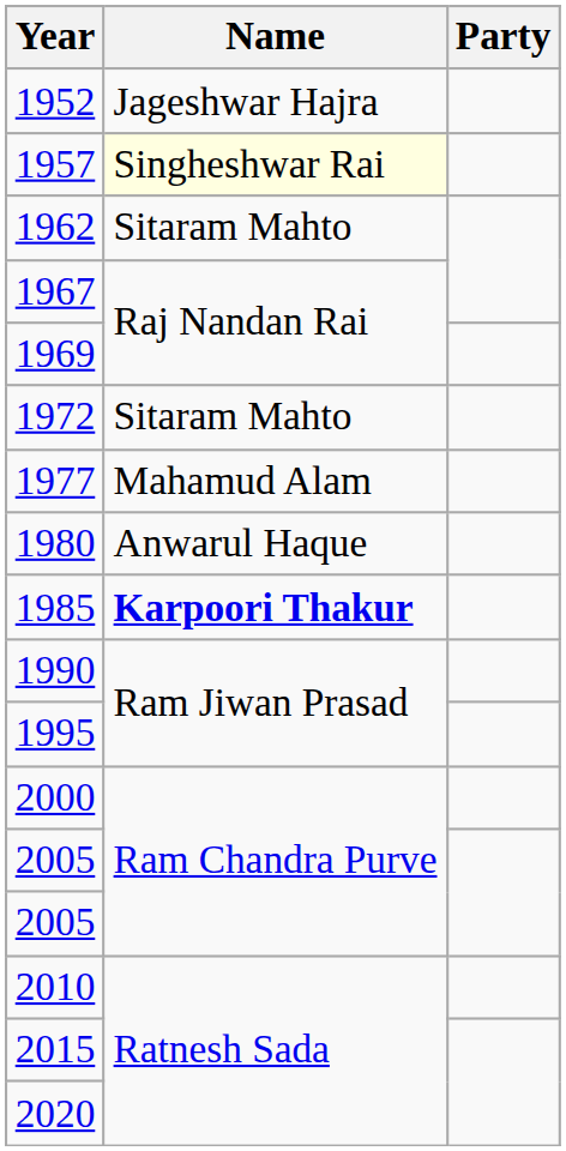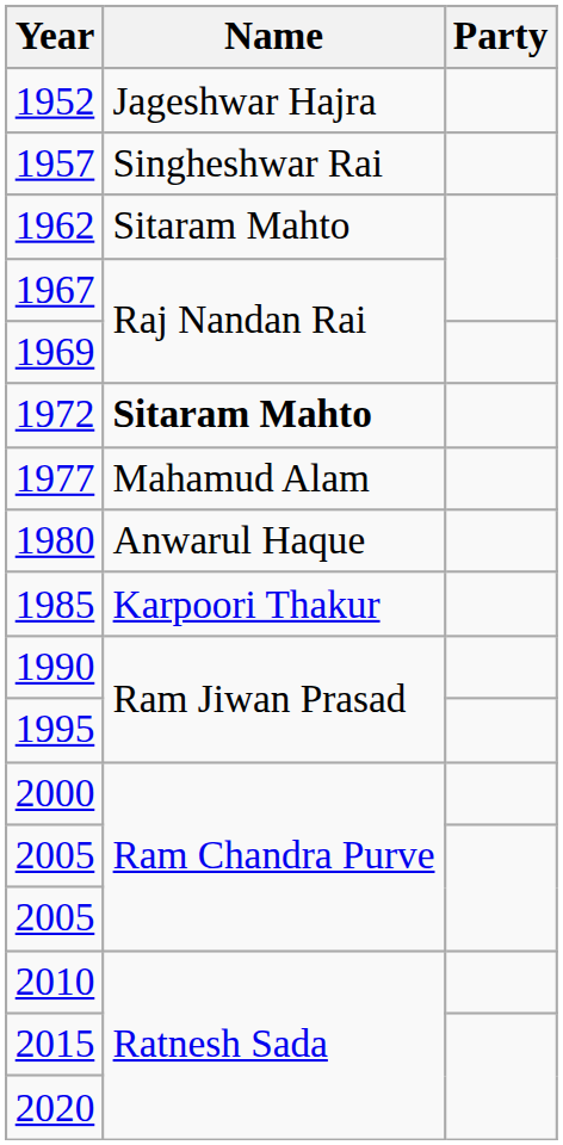 <table class="wikitable sortable">
 <tr>
 <th>Year</th>
 <th>Name</th>
 <th colspan="2">Party</th>
 </tr>
 <tr>
 <td><a href='#'>1952</a></td>
 <td>Jageshwar Hajra</td>
 <td></td>
 </tr>
 <tr>
 <td><a href='#'>1957</a></td>
-<td style="background: lightyellow;">Singheshwar Rai</td>
+<td>Singheshwar Rai</td>
 <td></td>
 </tr>
 <tr>
 <td><a href='#'>1962</a></td>
 <td>Sitaram Mahto</td>
 </tr>
 <tr>
 <td><a href='#'>1967</a></td>
 <td rowspan="2">Raj Nandan Rai</td>
 </tr>
 <tr>
 <td><a href='#'>1969</a></td>
 <td></td>
 </tr>
 <tr>
 <td><a href='#'>1972</a></td>
-<td>Sitaram Mahto</td>
+<td><strong>Sitaram Mahto</strong></td>
 <td></td>
 </tr>
 <tr>
 <td><a href='#'>1977</a></td>
 <td>Mahamud Alam</td>
 <td></td>
 </tr>
 <tr>
 <td><a href='#'>1980</a></td>
 <td>Anwarul Haque</td>
 <td></td>
 </tr>
 <tr>
 <td><a href='#'>1985</a></td>
-<td><strong><a href='#'>Karpoori Thakur</a></strong></td>
+<td><a href='#'>Karpoori Thakur</a></td>
 <td></td>
 </tr>
 <tr>
 <td><a href='#'>1990</a></td>
 <td rowspan="2">Ram Jiwan Prasad</td>
 <td></td>
 </tr>
 <tr>
 <td><a href='#'>1995</a></td>
 </tr>
 <tr>
 <td><a href='#'>2000</a></td>
 <td rowspan="3"><a href='#'>Ram Chandra Purve</a></td>
 <td></td>
 </tr>
 <tr>
 <td><a href='#'>2005</a></td>
 </tr>
 <tr>
 <td><a href='#'>2005</a></td>
 </tr>
 <tr>
 <td><a href='#'>2010</a></td>
 <td rowspan="3"><a href='#'>Ratnesh Sada</a></td>
 <td></td>
 </tr>
 <tr>
 <td><a href='#'>2015</a></td>
 </tr>
 <tr>
 <td><a href='#'>2020</a></td>
 </tr>
 </table>
